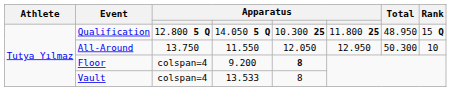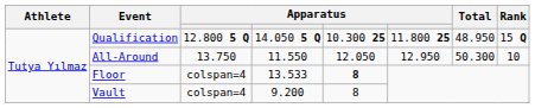 <table class="wikitable" style="font-size:90%">
 <tr>
 <th rowspan=2>Athlete</th>
 <th rowspan=2>Event</th>
 <th colspan =4>Apparatus</th>
 <th rowspan=2>Total</th>
 <th rowspan=2>Rank</th>
 </tr>
 <tr style="font-size:95%">
 <th></th>
 <th></th>
 <th></th>
 <th></th>
 </tr>
 <tr align=center>
 <td align=left rowspan=4><a href='#'>Tutya Yılmaz</a></td>
 <td align=left><a href='#'>Qualification</a></td>
 <td>12.800	<strong>5 Q</strong></td>
 <td>14.050	<strong>5 Q</strong></td>
 <td>10.300	<strong>25</strong></td>
 <td>11.800	<strong>25</strong></td>
 <td>48.950</td>
 <td>15 <strong>Q</strong></td>
 </tr>
 <tr align=center>
 <td align=left><a href='#'>All-Around</a></td>
 <td>13.750</td>
 <td>11.550</td>
 <td>12.050</td>
 <td>12.950</td>
 <td>50.300</td>
 <td>10</td>
 </tr>
 <tr align=center>
 <td align=left><a href='#'>Floor</a></td>
 <td>colspan=4 </td>
-<td>9.200</td>
+<td>13.533</td>
 <td><strong>8</strong></td>
 </tr>
 <tr align=center>
 <td align=left><a href='#'>Vault</a></td>
 <td>colspan=4 </td>
-<td>13.533</td>
+<td>9.200</td>
 <td>8</td>
 </tr>
 </table>
